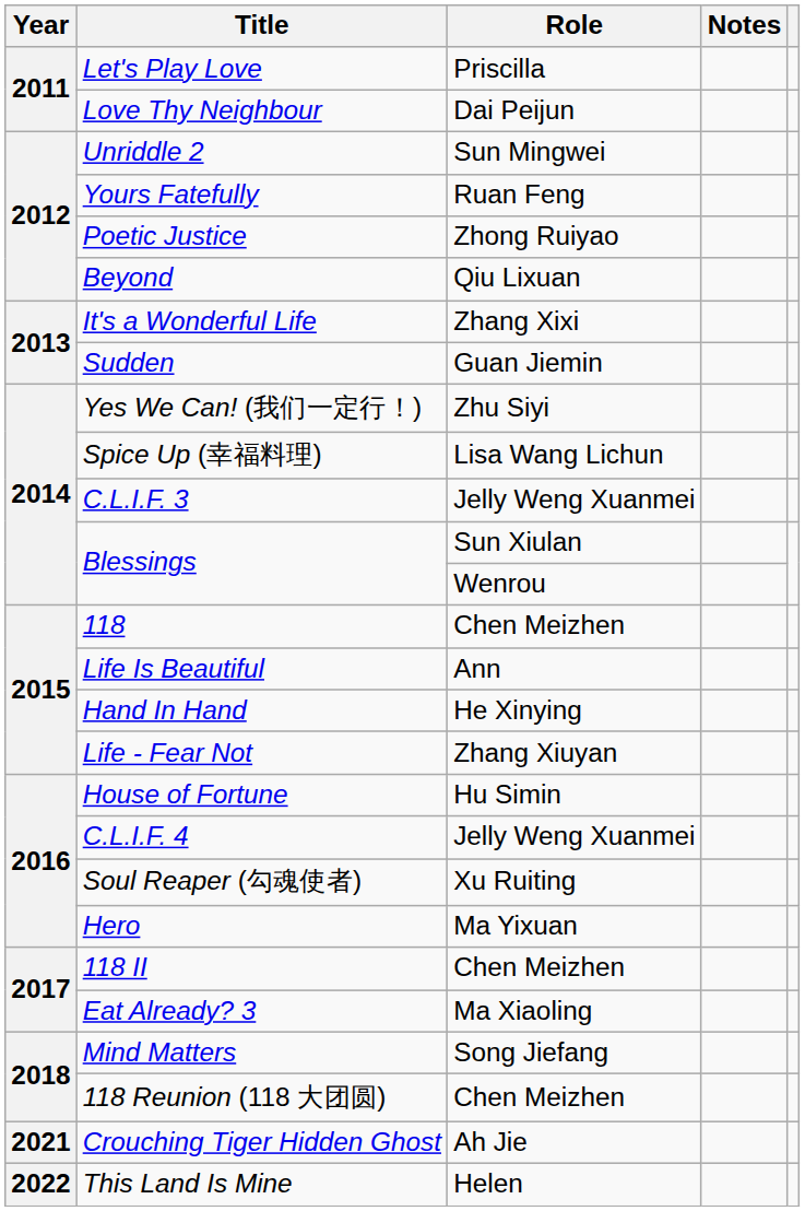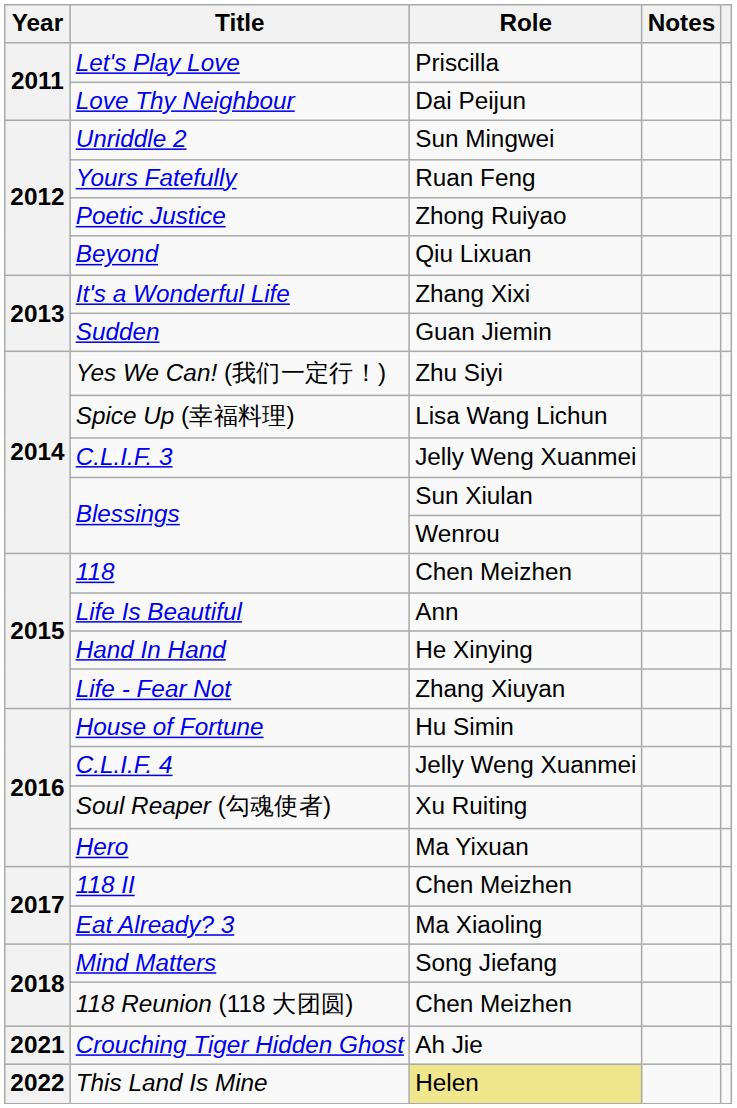 <table class="wikitable sortable plainrowheaders">
 <tr>
 <th scope="col">Year</th>
 <th scope="col">Title</th>
 <th scope="col">Role</th>
 <th scope="col" class="unsortable">Notes</th>
 <th scope="col" class="unsortable"></th>
 </tr>
 <tr>
 <th scope="row" rowspan="2">2011</th>
 <td><em><a href='#'>Let's Play Love</a></em></td>
 <td>Priscilla</td>
 <td></td>
 <td></td>
 </tr>
 <tr>
 <td><em><a href='#'>Love Thy Neighbour</a></em></td>
 <td>Dai Peijun</td>
 <td></td>
 <td></td>
 </tr>
 <tr>
 <th scope="row" rowspan="4">2012</th>
 <td><em><a href='#'>Unriddle 2</a></em></td>
 <td>Sun Mingwei</td>
 <td></td>
 <td></td>
 </tr>
 <tr>
 <td><em><a href='#'>Yours Fatefully</a></em></td>
 <td>Ruan Feng</td>
 <td></td>
 <td></td>
 </tr>
 <tr>
 <td><em><a href='#'>Poetic Justice</a></em></td>
 <td>Zhong Ruiyao</td>
 <td></td>
 <td></td>
 </tr>
 <tr>
 <td><em><a href='#'>Beyond</a></em></td>
 <td>Qiu Lixuan</td>
 <td></td>
 <td></td>
 </tr>
 <tr>
 <th scope="row" rowspan="2">2013</th>
 <td><em><a href='#'>It's a Wonderful Life</a></em></td>
 <td>Zhang Xixi</td>
 <td></td>
 <td></td>
 </tr>
 <tr>
 <td><em><a href='#'>Sudden</a></em></td>
 <td>Guan Jiemin</td>
 <td></td>
 <td></td>
 </tr>
 <tr>
 <th scope="row" rowspan="5">2014</th>
 <td><em>Yes We Can!</em> (我们一定行！)</td>
 <td>Zhu Siyi</td>
 <td></td>
 <td></td>
 </tr>
 <tr>
 <td><em>Spice Up</em> (幸福料理)</td>
 <td>Lisa Wang Lichun</td>
 <td></td>
 <td></td>
 </tr>
 <tr>
 <td><em><a href='#'>C.L.I.F. 3</a></em></td>
 <td>Jelly Weng Xuanmei</td>
 <td></td>
 <td></td>
 </tr>
 <tr>
 <td rowspan="2"><em><a href='#'>Blessings</a></em></td>
 <td>Sun Xiulan</td>
 <td></td>
 <td rowspan="2"></td>
 </tr>
 <tr>
 <td>Wenrou</td>
 <td></td>
 </tr>
 <tr>
 <th scope="row" rowspan="4">2015</th>
 <td><em><a href='#'>118</a></em></td>
 <td>Chen Meizhen</td>
 <td></td>
 <td></td>
 </tr>
 <tr>
 <td><em><a href='#'>Life Is Beautiful</a></em></td>
 <td>Ann</td>
 <td></td>
 <td></td>
 </tr>
 <tr>
 <td><em><a href='#'>Hand In Hand</a></em></td>
 <td>He Xinying</td>
 <td></td>
 <td></td>
 </tr>
 <tr>
 <td><em><a href='#'>Life - Fear Not</a></em></td>
 <td>Zhang Xiuyan</td>
 <td></td>
 <td></td>
 </tr>
 <tr>
 <th rowspan="4" scope="row">2016</th>
 <td><em><a href='#'>House of Fortune</a></em></td>
 <td>Hu Simin</td>
 <td></td>
 <td></td>
 </tr>
 <tr>
 <td><em><a href='#'>C.L.I.F. 4</a></em></td>
 <td>Jelly Weng Xuanmei</td>
 <td></td>
 <td></td>
 </tr>
 <tr>
 <td><em>Soul Reaper </em> (勾魂使者)</td>
 <td>Xu Ruiting</td>
 <td></td>
 <td></td>
 </tr>
 <tr>
 <td><em><a href='#'>Hero</a></em></td>
 <td>Ma Yixuan</td>
 <td></td>
 <td></td>
 </tr>
 <tr>
 <th scope="row" rowspan="2">2017</th>
 <td><em><a href='#'>118 II</a></em></td>
 <td>Chen Meizhen</td>
 <td></td>
 <td></td>
 </tr>
 <tr>
 <td><em><a href='#'>Eat Already? 3</a></em></td>
 <td>Ma Xiaoling</td>
 <td></td>
 <td></td>
 </tr>
 <tr>
 <th scope="row" rowspan="2">2018</th>
 <td><em><a href='#'>Mind Matters</a></em></td>
 <td>Song Jiefang</td>
 <td></td>
 <td></td>
 </tr>
 <tr>
 <td><em>118 Reunion</em> (118 大团圆)</td>
 <td>Chen Meizhen</td>
 <td></td>
 <td></td>
 </tr>
 <tr>
 <th scope="row">2021</th>
 <td><em><a href='#'>Crouching Tiger Hidden Ghost</a></em></td>
 <td>Ah Jie</td>
 <td></td>
 <td></td>
 </tr>
 <tr>
 <th scope="row">2022</th>
 <td><em>This Land Is Mine</em></td>
-<td>Helen</td>
+<td style="background: khaki;">Helen</td>
 <td></td>
 <td></td>
 </tr>
 </table>
